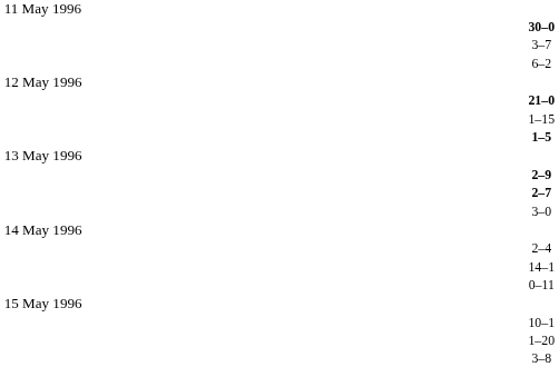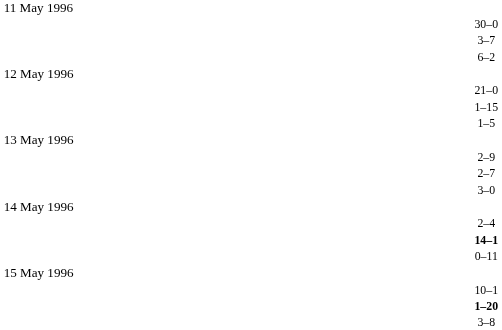 <table style="width:70%;" cellspacing="1">
 <tr>
 <th width=35%></th>
 <th width=15%></th>
 <th></th>
 </tr>
 <tr>
 <td>11 May 1996</td>
 </tr>
 <tr style=font-size:90%>
 <td align=right></td>
-<td align=center><strong>30–0</strong></td>
+<td align=center>30–0</td>
 <td></td>
 </tr>
 <tr style=font-size:90%>
 <td align=right></td>
 <td align=center>3–7</td>
 <td></td>
 </tr>
 <tr style=font-size:90%>
 <td align=right></td>
 <td align=center>6–2</td>
 <td></td>
 </tr>
 <tr>
 <td>12 May 1996</td>
 </tr>
 <tr style=font-size:90%>
 <td align=right></td>
-<td align=center><strong>21–0</strong></td>
+<td align=center>21–0</td>
 <td></td>
 </tr>
 <tr style=font-size:90%>
 <td align=right></td>
 <td align=center>1–15</td>
 <td></td>
 </tr>
 <tr style=font-size:90%>
 <td align=right></td>
-<td align=center><strong>1–5</strong></td>
+<td align=center>1–5</td>
 <td></td>
 </tr>
 <tr>
 <td>13 May 1996</td>
 </tr>
 <tr style=font-size:90%>
 <td align=right></td>
-<td align=center><strong>2–9</strong></td>
+<td align=center>2–9</td>
 <td></td>
 </tr>
 <tr style=font-size:90%>
 <td align=right></td>
-<td align=center><strong>2–7</strong></td>
+<td align=center>2–7</td>
 <td></td>
 </tr>
 <tr style=font-size:90%>
 <td align=right></td>
 <td align=center>3–0</td>
 <td></td>
 </tr>
 <tr>
 <td>14 May 1996</td>
 </tr>
 <tr style=font-size:90%>
 <td align=right></td>
 <td align=center>2–4</td>
 <td></td>
 </tr>
 <tr style=font-size:90%>
 <td align=right></td>
-<td align=center>14–1</td>
+<td align=center><strong>14–1</strong></td>
 <td></td>
 </tr>
 <tr style=font-size:90%>
 <td align=right></td>
 <td align=center>0–11</td>
 <td></td>
 </tr>
 <tr>
 <td>15 May 1996</td>
 </tr>
 <tr style=font-size:90%>
 <td align=right></td>
 <td align=center>10–1</td>
 <td></td>
 </tr>
 <tr style=font-size:90%>
 <td align=right></td>
-<td align=center>1–20</td>
+<td align=center><strong>1–20</strong></td>
 <td></td>
 </tr>
 <tr style=font-size:90%>
 <td align=right></td>
 <td align=center>3–8</td>
 <td></td>
 </tr>
 </table>
